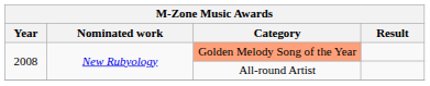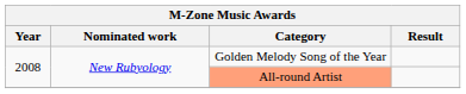 <table width="90%" class="wikitable">
 <tr>
 <th colspan="4" align="center">M-Zone Music Awards</th>
 </tr>
 <tr>
 <th width="10%">Year</th>
 <th width="35%">Nominated work</th>
 <th width="40%">Category</th>
 <th width="15%">Result</th>
 </tr>
 <tr>
 <td align="center" rowspan=2>2008</td>
 <td align="center" rowspan=2><em><a href='#'>New Rubyology</a></em></td>
-<td align="center" style="background: lightsalmon;">Golden Melody Song of the Year</td>
+<td align="center">Golden Melody Song of the Year</td>
 <td></td>
 </tr>
 <tr>
-<td align="center">All-round Artist</td>
+<td align="center" style="background: lightsalmon;">All-round Artist</td>
 <td></td>
 </tr>
 <tr>
 </tr>
 </table>
